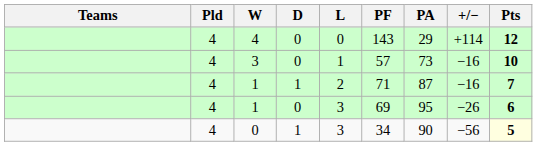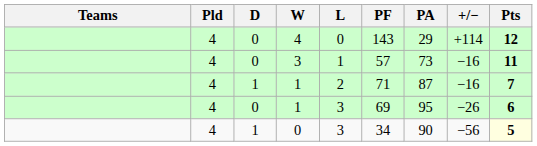 <table class="wikitable" style="text-align:center;">
 <tr>
 <th width="200">Teams</th>
 <th width="40">Pld</th>
+<th width="40">D</th>
 <th width="40">W</th>
-<th width="40">D</th>
 <th width="40">L</th>
 <th width="40">PF</th>
 <th width="40">PA</th>
 <th width="40">+/−</th>
 <th width="40">Pts</th>
 </tr>
 <tr bgcolor=ccffcc>
 <td align=left></td>
 <td>4</td>
+<td>0</td>
 <td>4</td>
-<td>0</td>
 <td>0</td>
 <td>143</td>
 <td>29</td>
 <td>+114</td>
 <td><strong>12</strong></td>
 </tr>
 <tr bgcolor=ccffcc>
 <td align=left></td>
 <td>4</td>
+<td>0</td>
 <td>3</td>
-<td>0</td>
 <td>1</td>
 <td>57</td>
 <td>73</td>
 <td>−16</td>
-<td><strong>10</strong></td>
+<td><strong>11</strong></td>
 </tr>
 <tr bgcolor=ccffcc>
 <td align=left></td>
 <td>4</td>
 <td>1</td>
 <td>1</td>
 <td>2</td>
 <td>71</td>
 <td>87</td>
 <td>−16</td>
 <td><strong>7</strong></td>
 </tr>
 <tr bgcolor=ccffcc>
 <td align=left></td>
 <td>4</td>
+<td>0</td>
 <td>1</td>
-<td>0</td>
 <td>3</td>
 <td>69</td>
 <td>95</td>
 <td>−26</td>
 <td><strong>6</strong></td>
 </tr>
 <tr>
 <td align=left></td>
 <td>4</td>
+<td>1</td>
 <td>0</td>
-<td>1</td>
 <td>3</td>
 <td>34</td>
 <td>90</td>
 <td>−56</td>
 <td style="background: lightyellow;"><strong>5</strong></td>
 </tr>
 </table>
